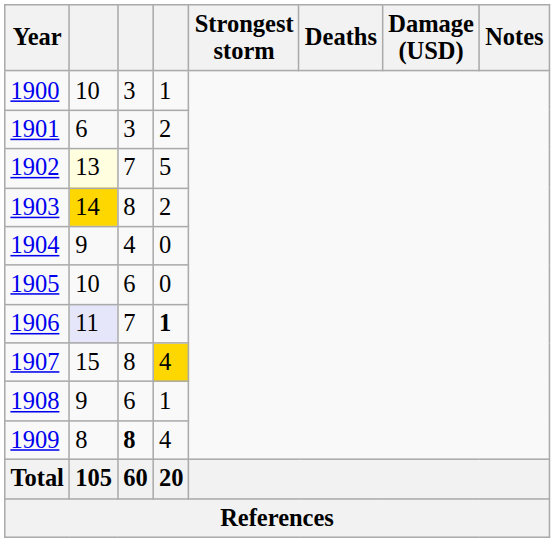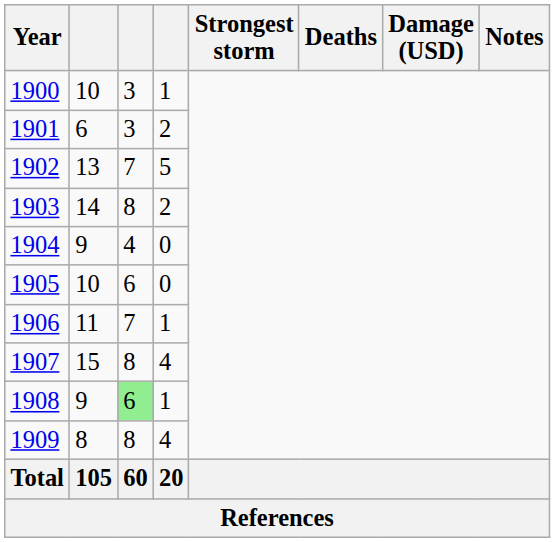 <table class="wikitable sortable">
 <tr>
 <th>Year</th>
 <th></th>
 <th></th>
 <th></th>
 <th>Strongest<br>storm</th>
 <th>Deaths</th>
 <th>Damage<br>(USD)</th>
 <th>Notes</th>
 </tr>
 <tr>
 <td><a href='#'>1900</a></td>
 <td>10</td>
 <td>3</td>
 <td>1</td>
 </tr>
 <tr>
 <td><a href='#'>1901</a></td>
 <td>6</td>
 <td>3</td>
 <td>2</td>
 </tr>
 <tr>
 <td><a href='#'>1902</a></td>
-<td style="background: lightyellow;">13</td>
+<td>13</td>
 <td>7</td>
 <td>5</td>
 </tr>
 <tr>
 <td><a href='#'>1903</a></td>
-<td style="background: gold;">14</td>
+<td>14</td>
 <td>8</td>
 <td>2</td>
 </tr>
 <tr>
 <td><a href='#'>1904</a></td>
 <td>9</td>
 <td>4</td>
 <td>0</td>
 </tr>
 <tr>
 <td><a href='#'>1905</a></td>
 <td>10</td>
 <td>6</td>
 <td>0</td>
 </tr>
 <tr>
 <td><a href='#'>1906</a></td>
-<td style="background: lavender;">11</td>
+<td>11</td>
 <td>7</td>
-<td><strong>1</strong></td>
+<td>1</td>
 </tr>
 <tr>
 <td><a href='#'>1907</a></td>
 <td>15</td>
 <td>8</td>
-<td style="background: gold;">4</td>
+<td>4</td>
 </tr>
 <tr>
 <td><a href='#'>1908</a></td>
 <td>9</td>
-<td>6</td>
+<td style="background: lightgreen;">6</td>
 <td>1</td>
 </tr>
 <tr>
 <td><a href='#'>1909</a></td>
 <td>8</td>
-<td><strong>8</strong></td>
+<td>8</td>
 <td>4</td>
 </tr>
 <tr>
 <th>Total</th>
 <th>105</th>
 <th>60</th>
 <th>20</th>
 <th colspan="4"></th>
 </tr>
 <tr class="unsortable">
 <th colspan="8">References</th>
 </tr>
 </table>
